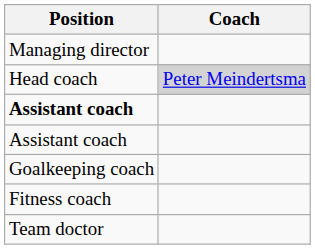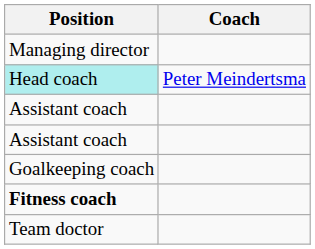 <table class="wikitable">
 <tr>
 <th>Position</th>
 <th>Coach</th>
 </tr>
 <tr>
 <td>Managing director</td>
 <td></td>
 </tr>
 <tr>
-<td>Head coach</td>
-<td style="background: lightgrey;"> <a href='#'>Peter Meindertsma</a></td>
+<td style="background: paleturquoise;">Head coach</td>
+<td> <a href='#'>Peter Meindertsma</a></td>
 </tr>
 <tr>
-<td><strong>Assistant coach</strong></td>
+<td>Assistant coach</td>
 <td></td>
 </tr>
 <tr>
 <td>Assistant coach</td>
 <td></td>
 </tr>
 <tr>
 <td>Goalkeeping coach</td>
 <td></td>
 </tr>
 <tr>
-<td>Fitness coach</td>
+<td><strong>Fitness coach</strong></td>
 <td></td>
 </tr>
 <tr>
 <td>Team doctor</td>
 <td></td>
 </tr>
 </table>
